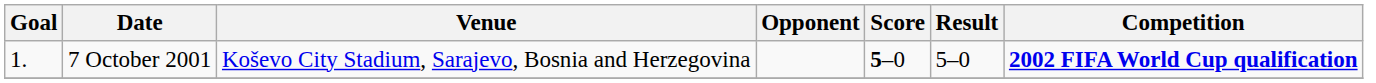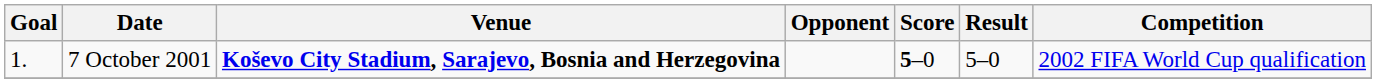 <table class="wikitable">
 <tr>
 <th>Goal</th>
 <th>Date</th>
 <th>Venue</th>
 <th>Opponent</th>
 <th>Score</th>
 <th>Result</th>
 <th>Competition</th>
 </tr>
 <tr>
 <td>1.</td>
 <td>7 October 2001</td>
-<td><a href='#'>Koševo City Stadium</a>, <a href='#'>Sarajevo</a>, Bosnia and Herzegovina</td>
+<td><strong><a href='#'>Koševo City Stadium</a>, <a href='#'>Sarajevo</a>, Bosnia and Herzegovina</strong></td>
 <td></td>
 <td><strong>5</strong>–0</td>
 <td>5–0</td>
-<td><strong><a href='#'>2002 FIFA World Cup qualification</a></strong></td>
+<td><a href='#'>2002 FIFA World Cup qualification</a></td>
 </tr>
 <tr>
 </tr>
 </table>
